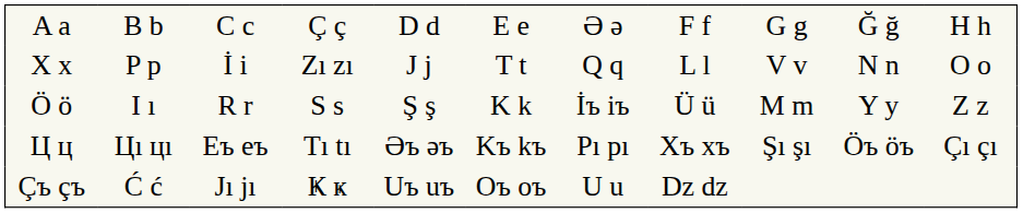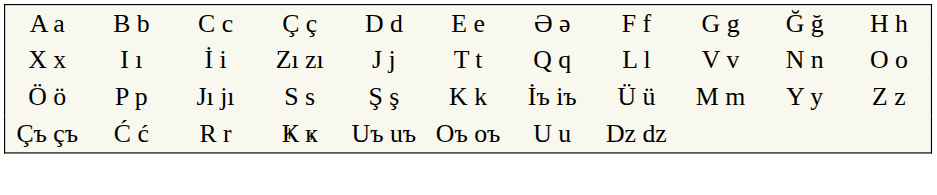 <table style="font-family:Arial Unicode MS; font-size:1.4em; border-color:#000000; border-width:1px; border-style:solid; border-collapse:collapse; background-color:#F8F8EF">
 <tr>
 <td style="width:3em; text-align:center; padding: 3px;">A a</td>
 <td style="width:3em; text-align:center; padding: 3px;">B b</td>
 <td style="width:3em; text-align:center; padding: 3px;">C c</td>
 <td style="width:3em; text-align:center; padding: 3px;">Ç ç</td>
 <td style="width:3em; text-align:center; padding: 3px;">D d</td>
 <td style="width:3em; text-align:center; padding: 3px;">E e</td>
 <td style="width:3em; text-align:center; padding: 3px;">Ə ə</td>
 <td style="width:3em; text-align:center; padding: 3px;">F f</td>
 <td style="width:3em; text-align:center; padding: 3px;">G g</td>
 <td style="width:3em; text-align:center; padding: 3px;">Ğ ğ</td>
 <td style="width:3em; text-align:center; padding: 3px;">H h</td>
 </tr>
 <tr>
 <td style="width:3em; text-align:center; padding: 3px;">X x</td>
-<td style="width:3em; text-align:center; padding: 3px;">P p</td>
+<td style="width:3em; text-align:center; padding: 3px;">I ı</td>
 <td style="width:3em; text-align:center; padding: 3px;">İ i</td>
 <td style="width:3em; text-align:center; padding: 3px;">Zı zı</td>
 <td style="width:3em; text-align:center; padding: 3px;">J j</td>
 <td style="width:3em; text-align:center; padding: 3px;">T t</td>
 <td style="width:3em; text-align:center; padding: 3px;">Q q</td>
 <td style="width:3em; text-align:center; padding: 3px;">L l</td>
 <td style="width:3em; text-align:center; padding: 3px;">V v</td>
 <td style="width:3em; text-align:center; padding: 3px;">N n</td>
 <td style="width:3em; text-align:center; padding: 3px;">O o</td>
 </tr>
 <tr>
 <td style="width:3em; text-align:center; padding: 3px;">Ö ö</td>
-<td style="width:3em; text-align:center; padding: 3px;">I ı</td>
-<td style="width:3em; text-align:center; padding: 3px;">R r</td>
+<td style="width:3em; text-align:center; padding: 3px;">P p</td>
+<td style="width:3em; text-align:center; padding: 3px;">Jı jı</td>
 <td style="width:3em; text-align:center; padding: 3px;">S s</td>
 <td style="width:3em; text-align:center; padding: 3px;">Ş ş</td>
 <td style="width:3em; text-align:center; padding: 3px;">K k</td>
 <td style="width:3em; text-align:center; padding: 3px;">İъ iъ</td>
 <td style="width:3em; text-align:center; padding: 3px;">Ü ü</td>
 <td style="width:3em; text-align:center; padding: 3px;">M m</td>
 <td style="width:3em; text-align:center; padding: 3px;">Y y</td>
 <td style="width:3em; text-align:center; padding: 3px;">Z z</td>
 </tr>
 <tr>
-<td style="width:3em; text-align:center; padding: 3px;">Ц ц</td>
-<td style="width:3em; text-align:center; padding: 3px;">Цı цı</td>
-<td style="width:3em; text-align:center; padding: 3px;">Eъ eъ</td>
-<td style="width:3em; text-align:center; padding: 3px;">Tı tı</td>
-<td style="width:3em; text-align:center; padding: 3px;">Əъ əъ</td>
-<td style="width:3em; text-align:center; padding: 3px;">Kъ kъ</td>
-<td style="width:3em; text-align:center; padding: 3px;">Pı pı</td>
-<td style="width:3em; text-align:center; padding: 3px;">Xъ xъ</td>
-<td style="width:3em; text-align:center; padding: 3px;">Şı şı</td>
-<td style="width:3em; text-align:center; padding: 3px;">Öъ öъ</td>
-<td style="width:3em; text-align:center; padding: 3px;">Çı çı</td>
-</tr>
-<tr>
 <td style="width:3em; text-align:center; padding: 3px;">Çъ çъ</td>
 <td style="width:3em; text-align:center; padding: 3px;">Ć ć</td>
-<td style="width:3em; text-align:center; padding: 3px;">Jı jı</td>
+<td style="width:3em; text-align:center; padding: 3px;">R r</td>
 <td style="width:3em; text-align:center; padding: 3px;">Ҝ ҝ</td>
 <td style="width:3em; text-align:center; padding: 3px;">Uъ uъ</td>
 <td style="width:3em; text-align:center; padding: 3px;">Oъ oъ</td>
 <td style="width:3em; text-align:center; padding: 3px;">U u</td>
 <td style="width:3em; text-align:center; padding: 3px;">Dz dz</td>
 </tr>
 </table>
